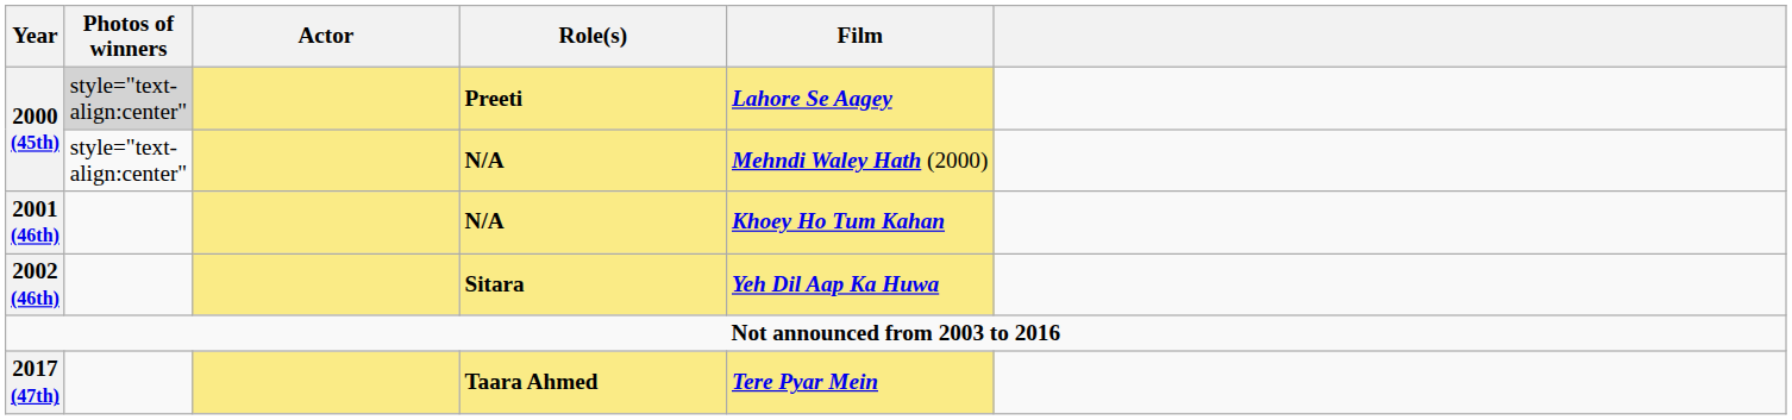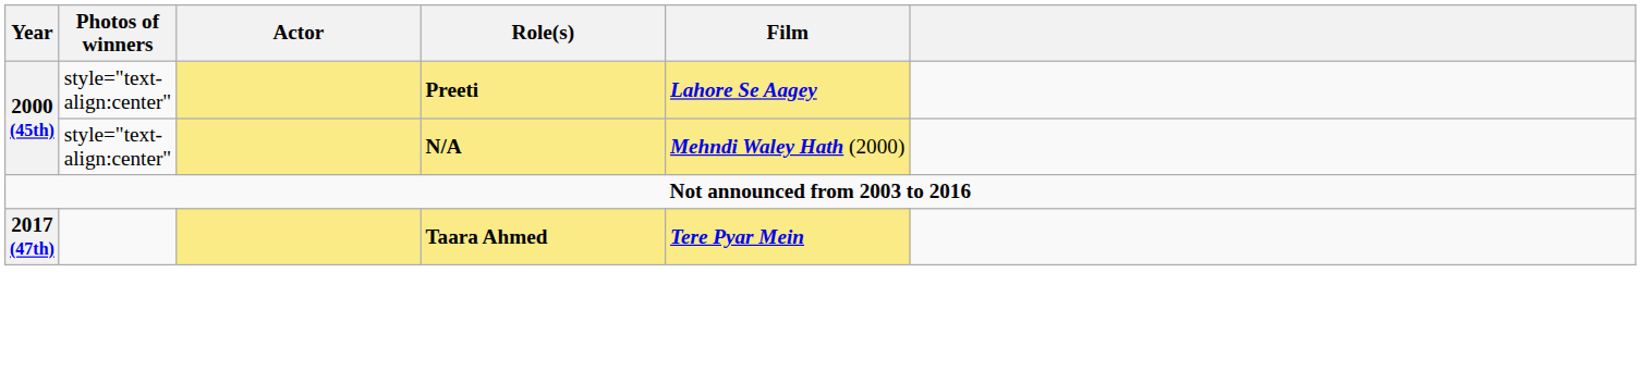 <table class="wikitable sortable" style="text-align:left;">
 <tr>
 <th scope="col" style="width:3%; text-align:center;">Year</th>
 <th scope="col" style="width:3%;text-align:center;">Photos of winners</th>
 <th scope="col" style="width:15%;text-align:center;">Actor</th>
 <th scope="col" style="width:15%;text-align:center;">Role(s)</th>
 <th scope="col" style="width:15%;text-align:center;">Film</th>
 <th scope="col" class="unsortable"></th>
 </tr>
 <tr>
 <th scope="row" rowspan=2 style="text-align:center">2000 <br><small><a href='#'>(45th)</a> </small></th>
-<td style="background: lightgrey;">style="text-align:center" </td>
+<td>style="text-align:center" </td>
 <td style="background:#FAEB86;"><strong></strong> </td>
 <td style="background:#FAEB86;"><strong>Preeti</strong></td>
 <td style="background:#FAEB86;"><strong><em><a href='#'>Lahore Se Aagey</a></em></strong></td>
 <td></td>
 </tr>
 <tr>
 <td>style="text-align:center" </td>
 <td style="background:#FAEB86;"><strong></strong> </td>
 <td style="background:#FAEB86;"><strong>N/A</strong></td>
 <td style="background:#FAEB86;"><strong><em><a href='#'>Mehndi Waley Hath</a></em></strong> (2000)</td>
-<td></td>
-</tr>
-<tr>
-<th style="text-align:center">2001 <br><small><a href='#'>(46th)</a> </small></th>
-<td style="text-align:center"></td>
-<td style="background:#FAEB86;"><strong></strong> </td>
-<td style="background:#FAEB86;"><strong>N/A</strong></td>
-<td style="background:#FAEB86;"><strong><em><a href='#'>Khoey Ho Tum Kahan</a></em></strong></td>
-<td></td>
-</tr>
-<tr>
-<th style="text-align:center">2002 <br><small><a href='#'>(46th)</a> </small></th>
-<td style="text-align:center"></td>
-<td style="background:#FAEB86;"><strong></strong> </td>
-<td style="background:#FAEB86;"><strong>Sitara</strong></td>
-<td style="background:#FAEB86;"><strong><em><a href='#'>Yeh Dil Aap Ka Huwa</a></em></strong></td>
 <td></td>
 </tr>
 <tr>
 <td colspan =6 style="text-align:center"><strong>Not announced from 2003 to 2016</strong></td>
 </tr>
 <tr>
 <th style="text-align:center">2017 <br><small><a href='#'>(47th)</a> </small></th>
 <td style="text-align:center"></td>
 <td style="background:#FAEB86;"><strong></strong> </td>
 <td style="background:#FAEB86;"><strong>Taara Ahmed</strong></td>
 <td style="background:#FAEB86;"><strong><em><a href='#'>Tere Pyar Mein</a></em></strong></td>
 <td></td>
 </tr>
 </table>
